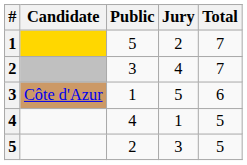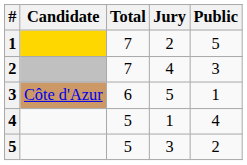 <table class="wikitable sortable" style="text-align:center;">
 <tr>
 <th>#</th>
 <th>Candidate</th>
+<th>Total</th>
+<th>Jury</th>
 <th>Public</th>
-<th>Jury</th>
-<th>Total</th>
 </tr>
 <tr>
 <th>1</th>
 <td align=left bgcolor=gold><strong></strong></td>
+<td>7</td>
+<td>2</td>
 <td>5</td>
-<td>2</td>
-<td>7</td>
 </tr>
 <tr>
 <th>2</th>
 <td align=left bgcolor=silver></td>
+<td>7</td>
+<td>4</td>
 <td>3</td>
-<td>4</td>
-<td>7</td>
 </tr>
 <tr>
 <th>3</th>
 <td align=left bgcolor=#cc9966> <a href='#'>Côte d'Azur</a></td>
+<td>6</td>
+<td>5</td>
 <td>1</td>
-<td>5</td>
-<td>6</td>
 </tr>
 <tr>
 <th>4</th>
 <td align=left></td>
+<td>5</td>
+<td>1</td>
 <td>4</td>
-<td>1</td>
-<td>5</td>
 </tr>
 <tr>
 <th>5</th>
 <td align=left></td>
+<td>5</td>
+<td>3</td>
 <td>2</td>
-<td>3</td>
-<td>5</td>
 </tr>
 </table>
